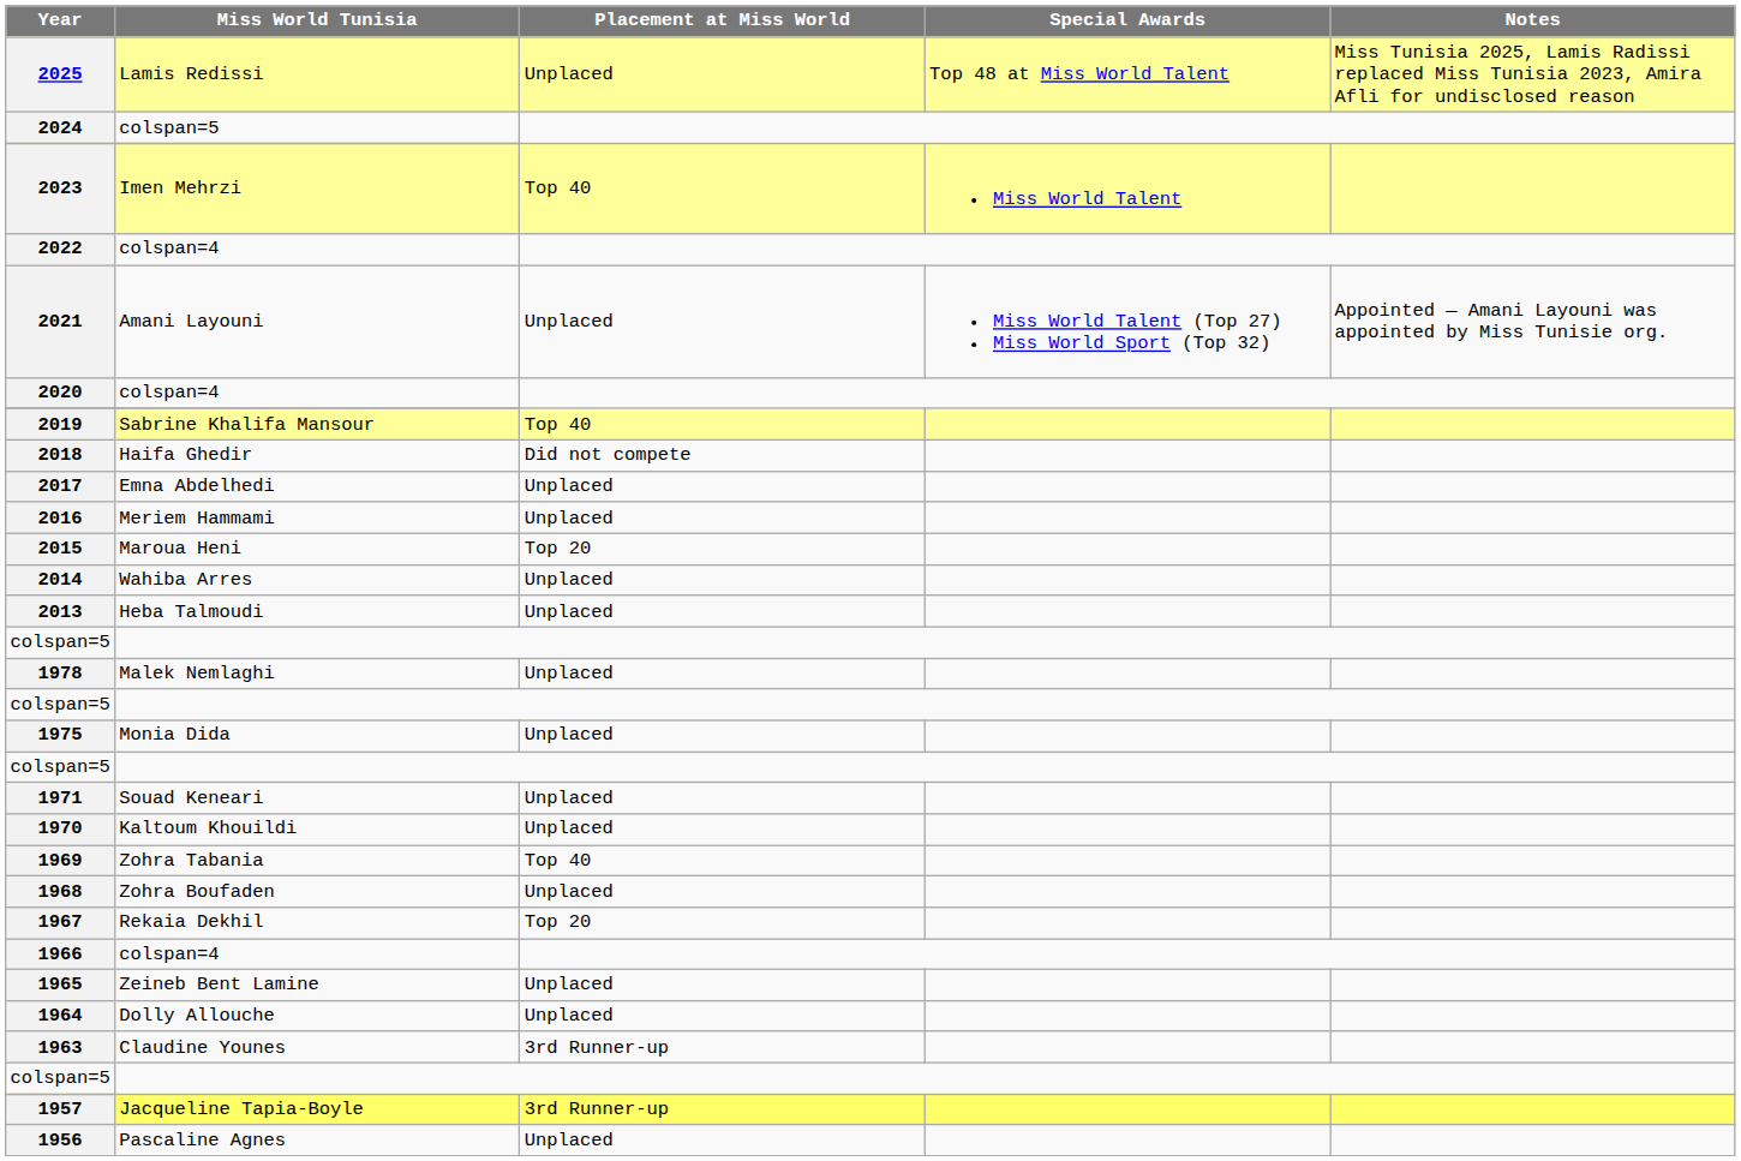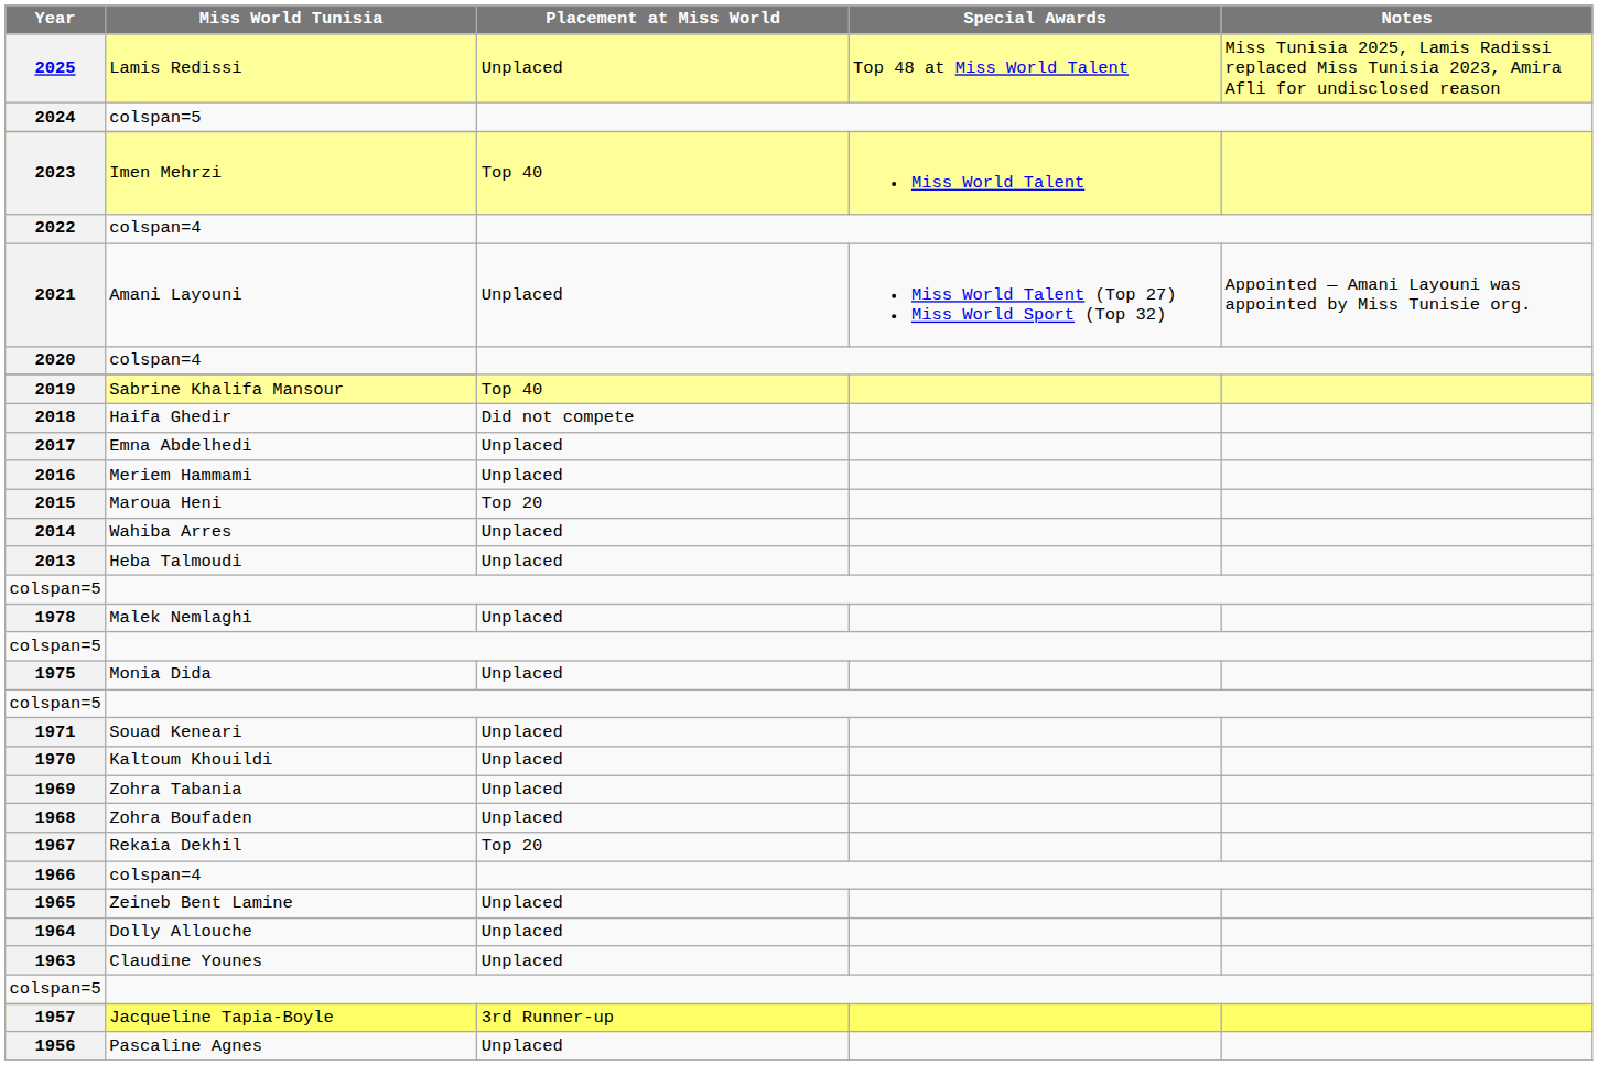 <table class="wikitable " style="font-size: 90%;">
 <tr>
 <th width="60" style="background-color:#787878;color:#FFFFFF;">Year</th>
 <th width="250" style="background-color:#787878;color:#FFFFFF;">Miss World Tunisia</th>
 <th width="250" style="background-color:#787878;color:#FFFFFF;">Placement at Miss World</th>
 <th width="250" style="background-color:#787878;color:#FFFFFF;">Special Awards</th>
 <th width="250" style="background-color:#787878;color:#FFFFFF;">Notes</th>
 </tr>
 <tr style="background-color:#FFFF99; ">
 <th><a href='#'>2025</a></th>
 <td>Lamis Redissi</td>
 <td>Unplaced</td>
 <td>Top 48 at <a href='#'>Miss World Talent</a></td>
 <td>Miss Tunisia 2025, Lamis Radissi replaced Miss Tunisia 2023, Amira Afli for undisclosed reason</td>
 </tr>
 <tr>
 <th>2024</th>
 <td>colspan=5 </td>
 </tr>
 <tr>
 </tr>
 <tr style="background-color:#FFFF99; ">
 <th>2023</th>
 <td>Imen Mehrzi</td>
 <td>Top 40</td>
 <td><br><ul><li><a href='#'>Miss World Talent</a></li></ul></td>
 <td></td>
 </tr>
 <tr>
 <th>2022</th>
 <td>colspan=4 </td>
 </tr>
 <tr>
 <th>2021</th>
 <td>Amani Layouni</td>
 <td>Unplaced</td>
 <td align="left"><br><ul><li><a href='#'>Miss World Talent</a> (Top 27)</li><li><a href='#'>Miss World Sport</a> (Top 32)</li></ul></td>
 <td>Appointed — Amani Layouni was appointed by Miss Tunisie org.</td>
 </tr>
 <tr>
 <th>2020</th>
 <td>colspan=4 </td>
 </tr>
 <tr>
 </tr>
 <tr style="background-color:#FFFF99; ">
 <th>2019</th>
 <td>Sabrine Khalifa Mansour</td>
 <td>Top 40</td>
 <td></td>
 <td></td>
 </tr>
 <tr>
 <th>2018</th>
 <td>Haifa Ghedir</td>
 <td>Did not compete</td>
 <td></td>
 <td></td>
 </tr>
 <tr>
 <th>2017</th>
 <td>Emna Abdelhedi</td>
 <td>Unplaced</td>
 <td></td>
 <td></td>
 </tr>
 <tr>
 <th>2016</th>
 <td>Meriem Hammami</td>
 <td>Unplaced</td>
 <td></td>
 <td></td>
 </tr>
 <tr>
 <th>2015</th>
 <td>Maroua Heni</td>
 <td>Top 20</td>
 <td></td>
 <td></td>
 </tr>
 <tr>
 <th>2014</th>
 <td>Wahiba Arres</td>
 <td>Unplaced</td>
 <td></td>
 <td></td>
 </tr>
 <tr>
 <th>2013</th>
 <td>Heba Talmoudi</td>
 <td>Unplaced</td>
 <td></td>
 <td></td>
 </tr>
 <tr>
 <td>colspan=5 </td>
 </tr>
 <tr>
 <th>1978</th>
 <td>Malek Nemlaghi</td>
 <td>Unplaced</td>
 <td></td>
 <td></td>
 </tr>
 <tr>
 <td>colspan=5 </td>
 </tr>
 <tr>
 <th>1975</th>
 <td>Monia Dida</td>
 <td>Unplaced</td>
 <td></td>
 <td></td>
 </tr>
 <tr>
 <td>colspan=5 </td>
 </tr>
 <tr>
 <th>1971</th>
 <td>Souad Keneari</td>
 <td>Unplaced</td>
 <td></td>
 <td></td>
 </tr>
 <tr>
 <th>1970</th>
 <td>Kaltoum Khouildi</td>
 <td>Unplaced</td>
 <td></td>
 <td></td>
 </tr>
 <tr>
 <th>1969</th>
 <td>Zohra Tabania</td>
-<td>Top 40</td>
+<td>Unplaced</td>
 <td></td>
 <td></td>
 </tr>
 <tr>
 <th>1968</th>
 <td>Zohra Boufaden</td>
 <td>Unplaced</td>
 <td></td>
 <td></td>
 </tr>
 <tr>
 <th>1967</th>
 <td>Rekaia Dekhil</td>
 <td>Top 20</td>
 <td></td>
 <td></td>
 </tr>
 <tr>
 <th>1966</th>
 <td>colspan=4 </td>
 </tr>
 <tr>
 <th>1965</th>
 <td>Zeineb Bent Lamine</td>
 <td>Unplaced</td>
 <td></td>
 <td></td>
 </tr>
 <tr>
 <th>1964</th>
 <td>Dolly Allouche</td>
 <td>Unplaced</td>
 <td></td>
 <td></td>
 </tr>
 <tr>
 <th>1963</th>
 <td>Claudine Younes</td>
-<td>3rd Runner-up</td>
+<td>Unplaced</td>
 <td></td>
 <td></td>
 </tr>
 <tr>
 <td>colspan=5 </td>
 </tr>
 <tr>
 </tr>
 <tr style="background-color:#FFFF66;">
 <th>1957</th>
 <td>Jacqueline Tapia-Boyle</td>
 <td>3rd Runner-up</td>
 <td></td>
 <td></td>
 </tr>
 <tr>
 <th>1956</th>
 <td>Pascaline Agnes</td>
 <td>Unplaced</td>
 <td></td>
 <td></td>
 </tr>
 <tr>
 </tr>
 </table>
